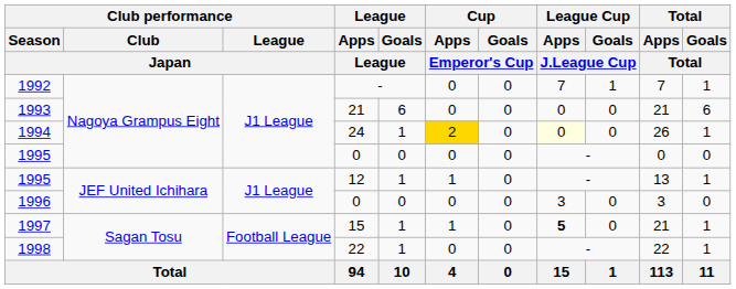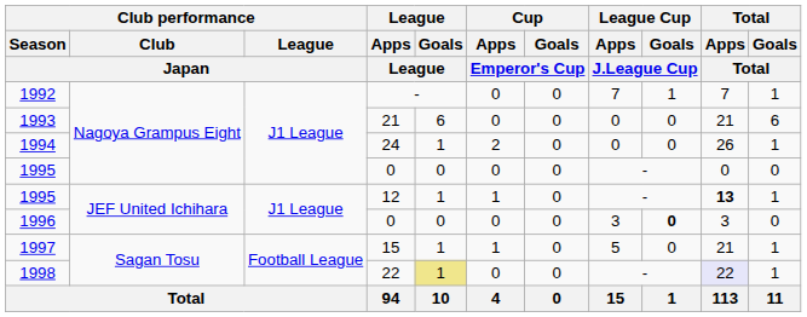 <table class="wikitable" style="text-align:center;">
 <tr>
 <th colspan=3>Club performance</th>
 <th colspan=2>League</th>
 <th colspan=2>Cup</th>
 <th colspan=2>League Cup</th>
 <th colspan=2>Total</th>
 </tr>
 <tr>
 <th>Season</th>
 <th>Club</th>
 <th>League</th>
 <th>Apps</th>
 <th>Goals</th>
 <th>Apps</th>
 <th>Goals</th>
 <th>Apps</th>
 <th>Goals</th>
 <th>Apps</th>
 <th>Goals</th>
 </tr>
 <tr>
 <th colspan=3>Japan</th>
 <th colspan=2>League</th>
 <th colspan=2><a href='#'>Emperor's Cup</a></th>
 <th colspan=2><a href='#'>J.League Cup</a></th>
 <th colspan=2>Total</th>
 </tr>
 <tr>
 <td><a href='#'>1992</a></td>
 <td rowspan="4"><a href='#'>Nagoya Grampus Eight</a></td>
 <td rowspan="4"><a href='#'>J1 League</a></td>
 <td colspan="2">-</td>
 <td>0</td>
 <td>0</td>
 <td>7</td>
 <td>1</td>
 <td>7</td>
 <td>1</td>
 </tr>
 <tr>
 <td><a href='#'>1993</a></td>
 <td>21</td>
 <td>6</td>
 <td>0</td>
 <td>0</td>
 <td>0</td>
 <td>0</td>
 <td>21</td>
 <td>6</td>
 </tr>
 <tr>
 <td><a href='#'>1994</a></td>
 <td>24</td>
 <td>1</td>
-<td style="background: gold;">2</td>
+<td>2</td>
 <td>0</td>
-<td style="background: lightyellow;">0</td>
+<td>0</td>
 <td>0</td>
 <td>26</td>
 <td>1</td>
 </tr>
 <tr>
 <td><a href='#'>1995</a></td>
 <td>0</td>
 <td>0</td>
 <td>0</td>
 <td>0</td>
 <td colspan="2">-</td>
 <td>0</td>
 <td>0</td>
 </tr>
 <tr>
 <td><a href='#'>1995</a></td>
 <td rowspan="2"><a href='#'>JEF United Ichihara</a></td>
 <td rowspan="2"><a href='#'>J1 League</a></td>
 <td>12</td>
 <td>1</td>
 <td>1</td>
 <td>0</td>
 <td colspan="2">-</td>
-<td>13</td>
+<td><strong>13</strong></td>
 <td>1</td>
 </tr>
 <tr>
 <td><a href='#'>1996</a></td>
 <td>0</td>
 <td>0</td>
 <td>0</td>
 <td>0</td>
 <td>3</td>
-<td>0</td>
+<td><strong>0</strong></td>
 <td>3</td>
 <td>0</td>
 </tr>
 <tr>
 <td><a href='#'>1997</a></td>
 <td rowspan="2"><a href='#'>Sagan Tosu</a></td>
 <td rowspan="2"><a href='#'>Football League</a></td>
 <td>15</td>
 <td>1</td>
 <td>1</td>
 <td>0</td>
-<td><strong>5</strong></td>
+<td>5</td>
 <td>0</td>
 <td>21</td>
 <td>1</td>
 </tr>
 <tr>
 <td><a href='#'>1998</a></td>
 <td>22</td>
-<td>1</td>
+<td style="background: khaki;">1</td>
 <td>0</td>
 <td>0</td>
 <td colspan="2">-</td>
-<td>22</td>
+<td style="background: lavender;">22</td>
 <td>1</td>
 </tr>
 <tr>
 <th colspan=3>Total</th>
 <th>94</th>
 <th>10</th>
 <th>4</th>
 <th>0</th>
 <th>15</th>
 <th>1</th>
 <th>113</th>
 <th>11</th>
 </tr>
 </table>
